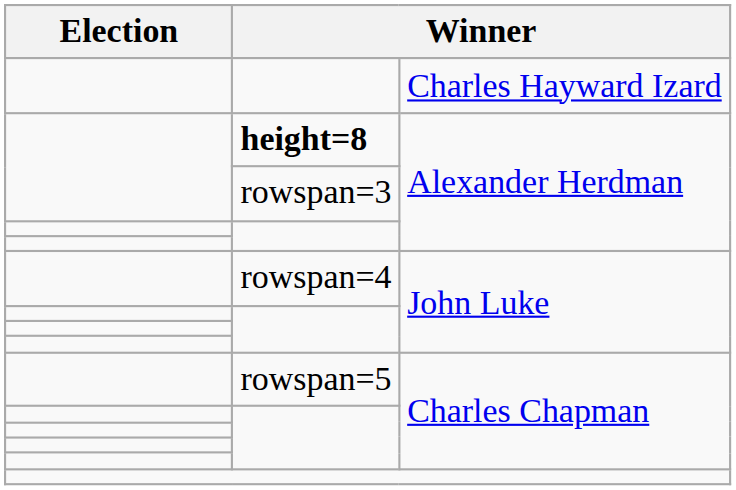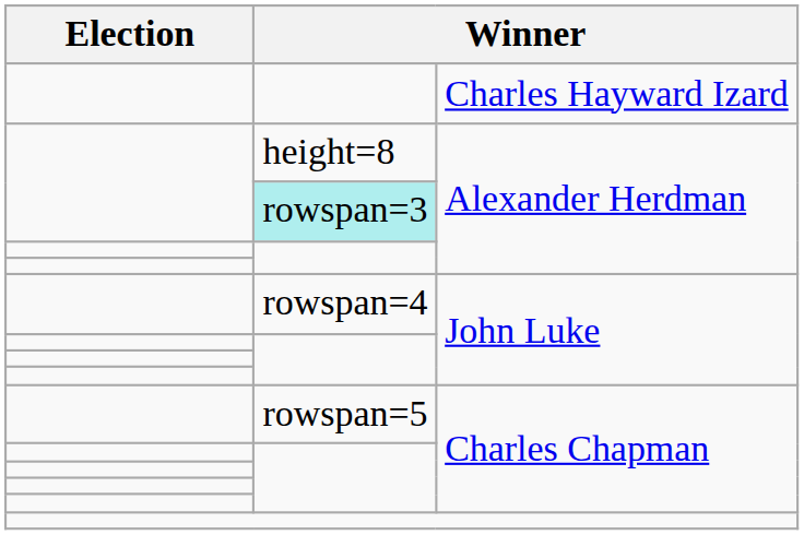 <table class=wikitable>
 <tr>
 <th width=100>Election</th>
 <th width=175 colspan=2>Winner</th>
 </tr>
 <tr>
 <td></td>
 <td></td>
 <td><a href='#'>Charles Hayward Izard</a></td>
 </tr>
 <tr>
 <td rowspan=2></td>
-<td><strong>height=8 </strong></td>
+<td>height=8 </td>
 <td rowspan=4><a href='#'>Alexander Herdman</a></td>
 </tr>
 <tr>
-<td>rowspan=3 </td>
+<td style="background: paleturquoise;">rowspan=3 </td>
 </tr>
 <tr>
 <td></td>
 </tr>
 <tr>
 <td></td>
 </tr>
 <tr>
 <td></td>
 <td>rowspan=4 </td>
 <td rowspan=4><a href='#'>John Luke</a></td>
 </tr>
 <tr>
 <td></td>
 </tr>
 <tr>
 <td></td>
 </tr>
 <tr>
 <td></td>
 </tr>
 <tr>
 <td></td>
 <td>rowspan=5 </td>
 <td rowspan=5><a href='#'>Charles Chapman</a></td>
 </tr>
 <tr>
 <td></td>
 </tr>
 <tr>
 <td></td>
 </tr>
 <tr>
 <td></td>
 </tr>
 <tr>
 <td></td>
 </tr>
 <tr>
 <td colspan=3 align=center></td>
 </tr>
 </table>
